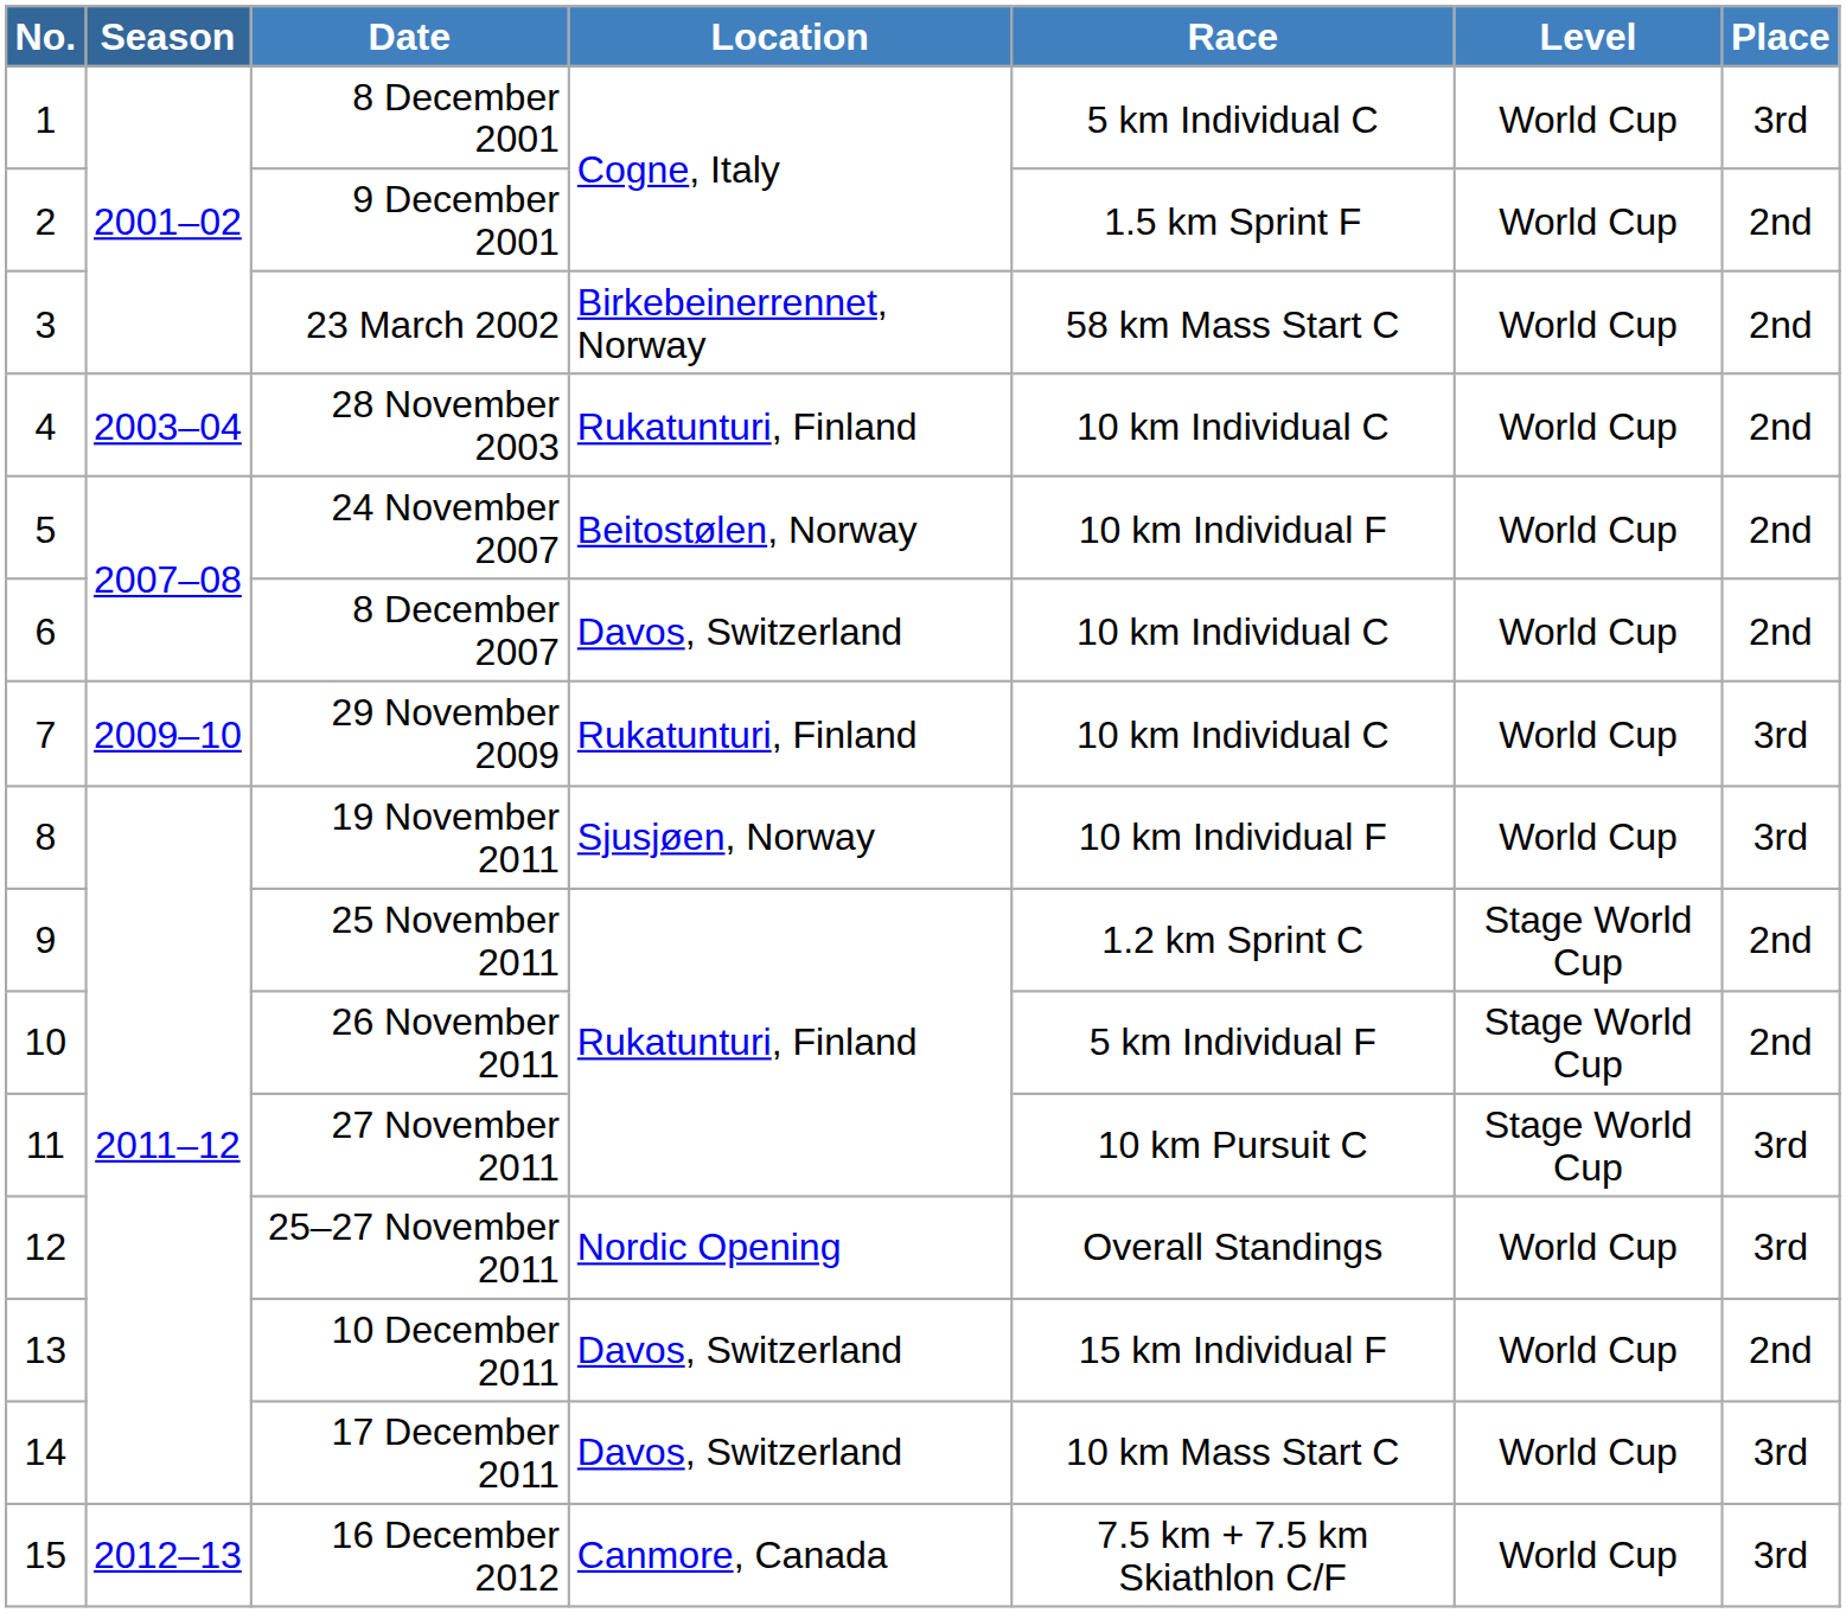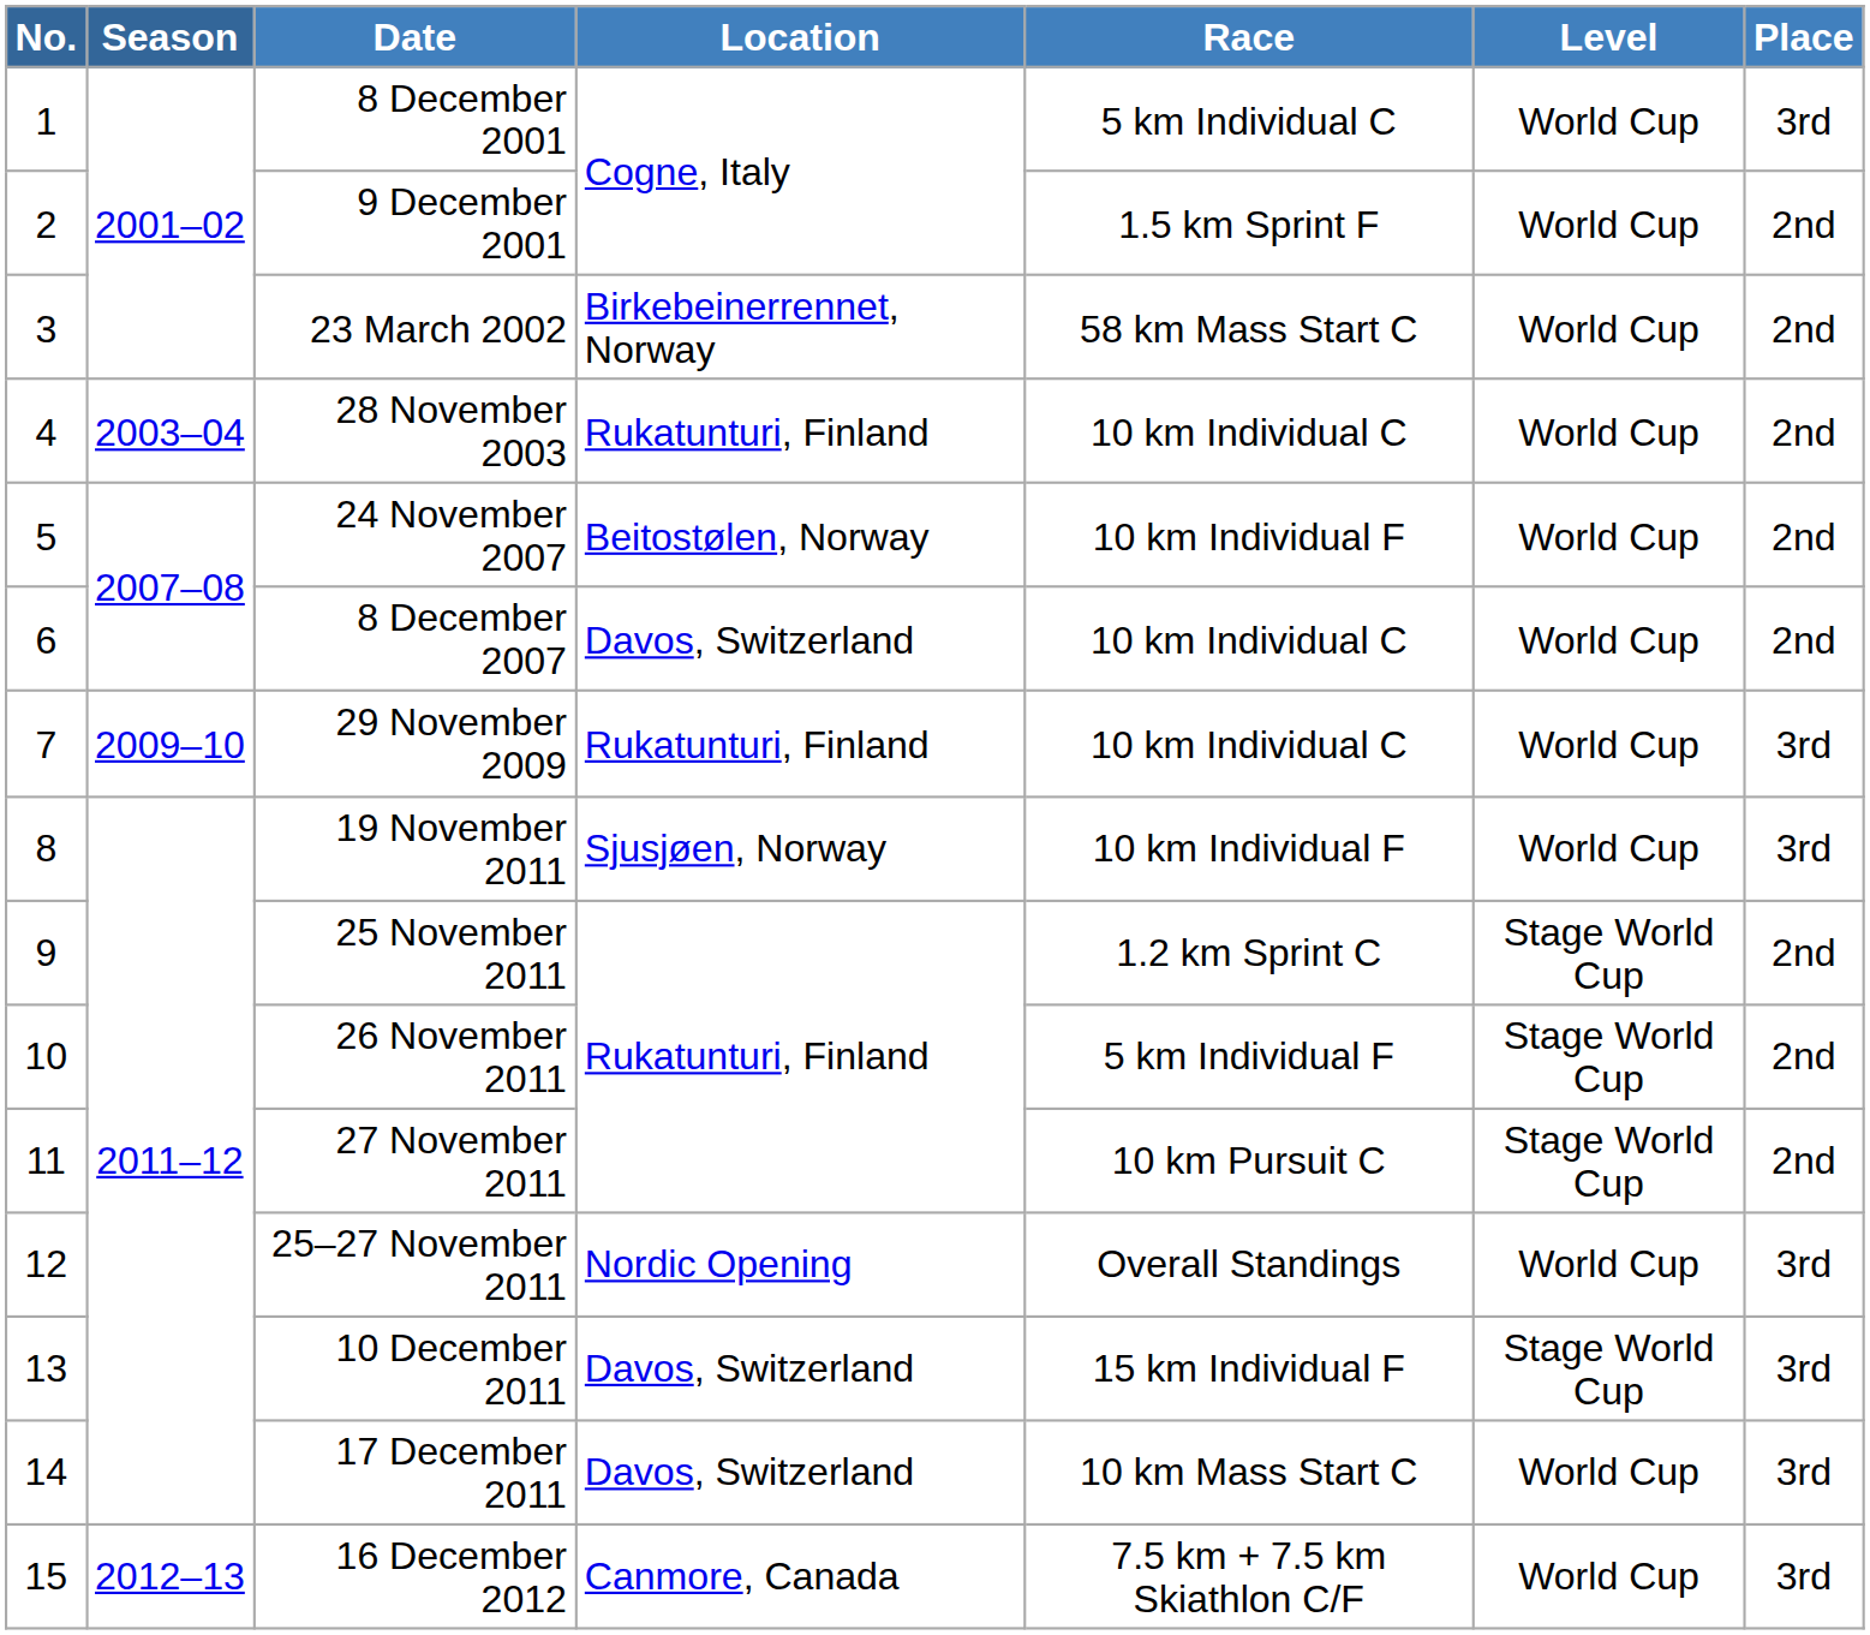 <table class="wikitable sortable" style="font-size:95%; text-align:center; border:grey solid 1px; border-collapse:collapse; background:#ffffff;">
 <tr style="background:#efefef;">
 <th style="background-color:#369; color:white;">No.</th>
 <th style="background-color:#369; color:white;">Season</th>
 <th style="background-color:#4180be; color:white; width:120px;">Date</th>
 <th style="background-color:#4180be; color:white; width:170px;">Location</th>
 <th style="background-color:#4180be; color:white; width:170px;">Race</th>
 <th style="background-color:#4180be; color:white; width:100px;">Level</th>
 <th style="background-color:#4180be; color:white;">Place</th>
 </tr>
 <tr>
 <td align=center>1</td>
 <td rowspan=3 align=center><a href='#'>2001–02</a></td>
 <td align=right>8 December 2001</td>
 <td rowspan=2 align=left> <a href='#'>Cogne</a>, Italy</td>
 <td>5 km Individual C</td>
 <td>World Cup</td>
 <td>3rd</td>
 </tr>
 <tr>
 <td align=center>2</td>
 <td align=right>9 December 2001</td>
 <td>1.5 km Sprint F</td>
 <td>World Cup</td>
 <td>2nd</td>
 </tr>
 <tr>
 <td align=center>3</td>
 <td align=right>23 March 2002</td>
 <td align=left> <a href='#'>Birkebeinerrennet</a>, Norway</td>
 <td>58 km Mass Start C</td>
 <td>World Cup</td>
 <td>2nd</td>
 </tr>
 <tr>
 <td align=center>4</td>
 <td rowspan=1 align=center><a href='#'>2003–04</a></td>
 <td align=right>28 November 2003</td>
 <td align=left> <a href='#'>Rukatunturi</a>, Finland</td>
 <td>10 km Individual C</td>
 <td>World Cup</td>
 <td>2nd</td>
 </tr>
 <tr>
 <td align=center>5</td>
 <td rowspan=2 align=center><a href='#'>2007–08</a></td>
 <td align=right>24 November 2007</td>
 <td align=left> <a href='#'>Beitostølen</a>, Norway</td>
 <td>10 km Individual F</td>
 <td>World Cup</td>
 <td>2nd</td>
 </tr>
 <tr>
 <td align=center>6</td>
 <td align=right>8 December 2007</td>
 <td align=left> <a href='#'>Davos</a>, Switzerland</td>
 <td>10 km Individual C</td>
 <td>World Cup</td>
 <td>2nd</td>
 </tr>
 <tr>
 <td align=center>7</td>
 <td rowspan=1 align=center><a href='#'>2009–10</a></td>
 <td align=right>29 November 2009</td>
 <td align=left> <a href='#'>Rukatunturi</a>, Finland</td>
 <td>10 km Individual C</td>
 <td>World Cup</td>
 <td>3rd</td>
 </tr>
 <tr>
 <td align=center>8</td>
 <td rowspan=7 align=center><a href='#'>2011–12</a></td>
 <td align=right>19 November 2011</td>
 <td align=left> <a href='#'>Sjusjøen</a>, Norway</td>
 <td>10 km Individual F</td>
 <td>World Cup</td>
 <td>3rd</td>
 </tr>
 <tr>
 <td align=center>9</td>
 <td align=right>25 November 2011</td>
 <td rowspan=3 align=left> <a href='#'>Rukatunturi</a>, Finland</td>
 <td>1.2 km Sprint C</td>
 <td>Stage World Cup</td>
 <td>2nd</td>
 </tr>
 <tr>
 <td align=center>10</td>
 <td align=right>26 November 2011</td>
 <td>5 km Individual F</td>
 <td>Stage World Cup</td>
 <td>2nd</td>
 </tr>
 <tr>
 <td align=center>11</td>
 <td align=right>27 November 2011</td>
 <td>10 km Pursuit C</td>
 <td>Stage World Cup</td>
-<td>3rd</td>
+<td>2nd</td>
 </tr>
 <tr>
 <td align=center>12</td>
 <td align=right>25–27 November 2011</td>
 <td align=left> <a href='#'>Nordic Opening</a></td>
 <td>Overall Standings</td>
 <td>World Cup</td>
 <td>3rd</td>
 </tr>
 <tr>
 <td align=center>13</td>
 <td align=right>10 December 2011</td>
 <td align=left> <a href='#'>Davos</a>, Switzerland</td>
 <td>15 km Individual F</td>
-<td>World Cup</td>
-<td>2nd</td>
+<td>Stage World Cup</td>
+<td>3rd</td>
 </tr>
 <tr>
 <td align=center>14</td>
 <td align=right>17 December 2011</td>
 <td align=left> <a href='#'>Davos</a>, Switzerland</td>
 <td>10 km Mass Start C</td>
 <td>World Cup</td>
 <td>3rd</td>
 </tr>
 <tr>
 <td align=center>15</td>
 <td rowspan=1 align=center><a href='#'>2012–13</a></td>
 <td align=right>16 December 2012</td>
 <td align=left> <a href='#'>Canmore</a>, Canada</td>
 <td>7.5 km + 7.5 km Skiathlon C/F</td>
 <td>World Cup</td>
 <td>3rd</td>
 </tr>
 </table>
